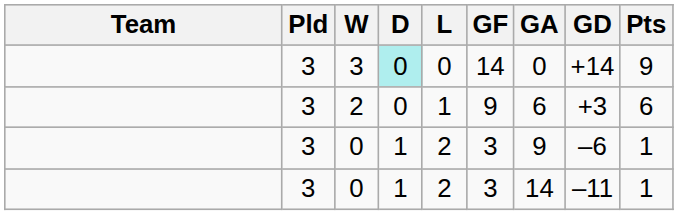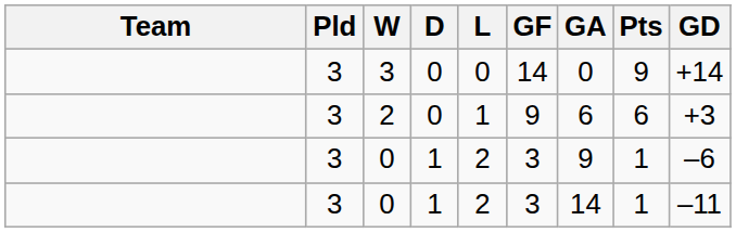 <table class="wikitable" style="text-align: center;">
 <tr>
 <th width="165">Team</th>
 <th width="20">Pld</th>
 <th width="20">W</th>
 <th width="20">D</th>
 <th width="20">L</th>
 <th width="20">GF</th>
 <th width="20">GA</th>
+<th width="20">Pts</th>
 <th width="20">GD</th>
-<th width="20">Pts</th>
 </tr>
 <tr>
 <td style="text-align:left;"></td>
 <td>3</td>
 <td>3</td>
-<td style="background: paleturquoise;">0</td>
+<td>0</td>
 <td>0</td>
 <td>14</td>
 <td>0</td>
+<td>9</td>
 <td>+14</td>
-<td>9</td>
 </tr>
 <tr>
 <td style="text-align:left;"></td>
 <td>3</td>
 <td>2</td>
 <td>0</td>
 <td>1</td>
 <td>9</td>
 <td>6</td>
+<td>6</td>
 <td>+3</td>
-<td>6</td>
 </tr>
 <tr bgcolor=>
 <td style="text-align:left;"></td>
 <td>3</td>
 <td>0</td>
 <td>1</td>
 <td>2</td>
 <td>3</td>
 <td>9</td>
+<td>1</td>
 <td>–6</td>
-<td>1</td>
 </tr>
 <tr bgcolor=>
 <td style="text-align:left;"></td>
 <td>3</td>
 <td>0</td>
 <td>1</td>
 <td>2</td>
 <td>3</td>
 <td>14</td>
+<td>1</td>
 <td>–11</td>
-<td>1</td>
 </tr>
 </table>
